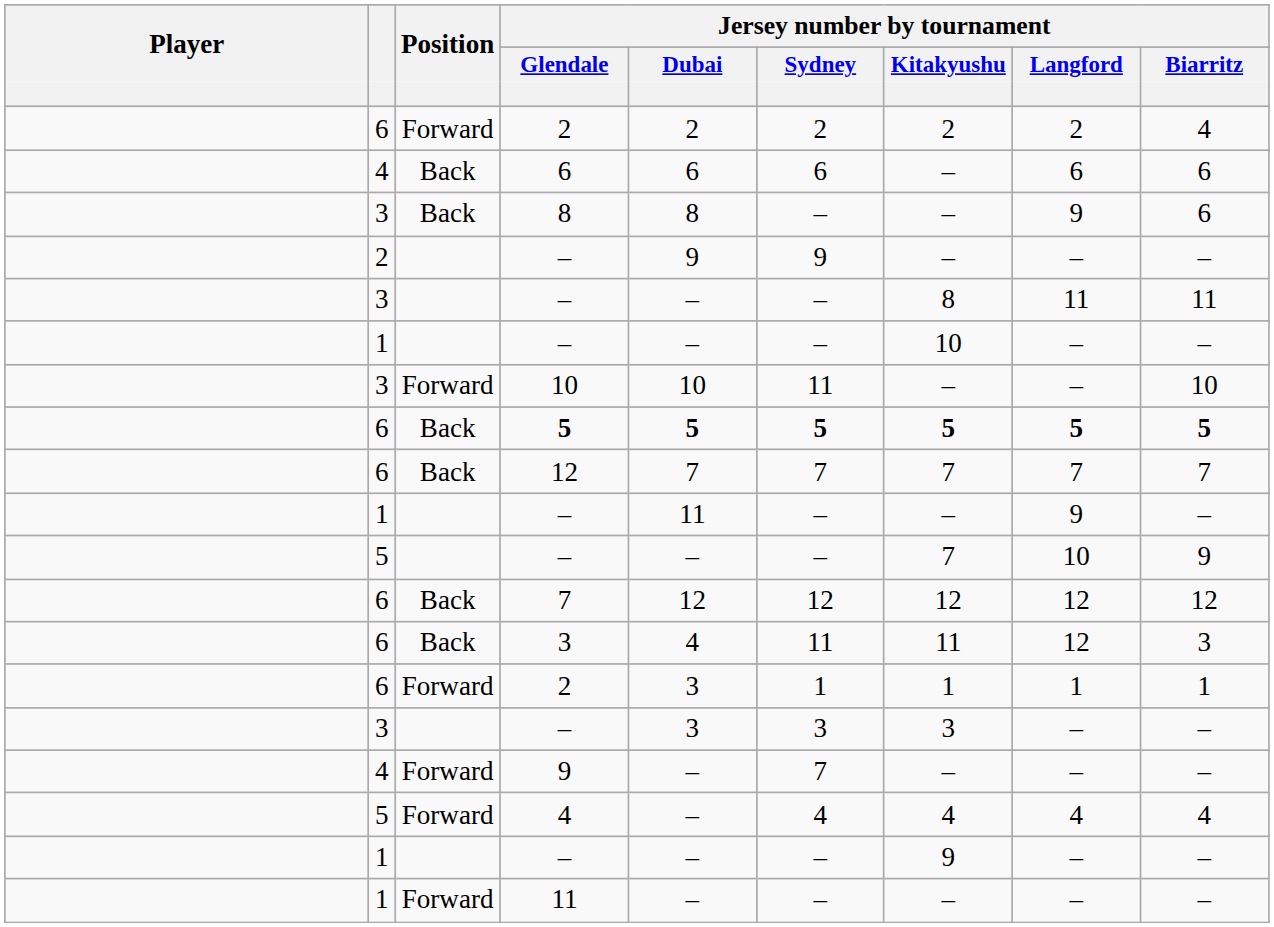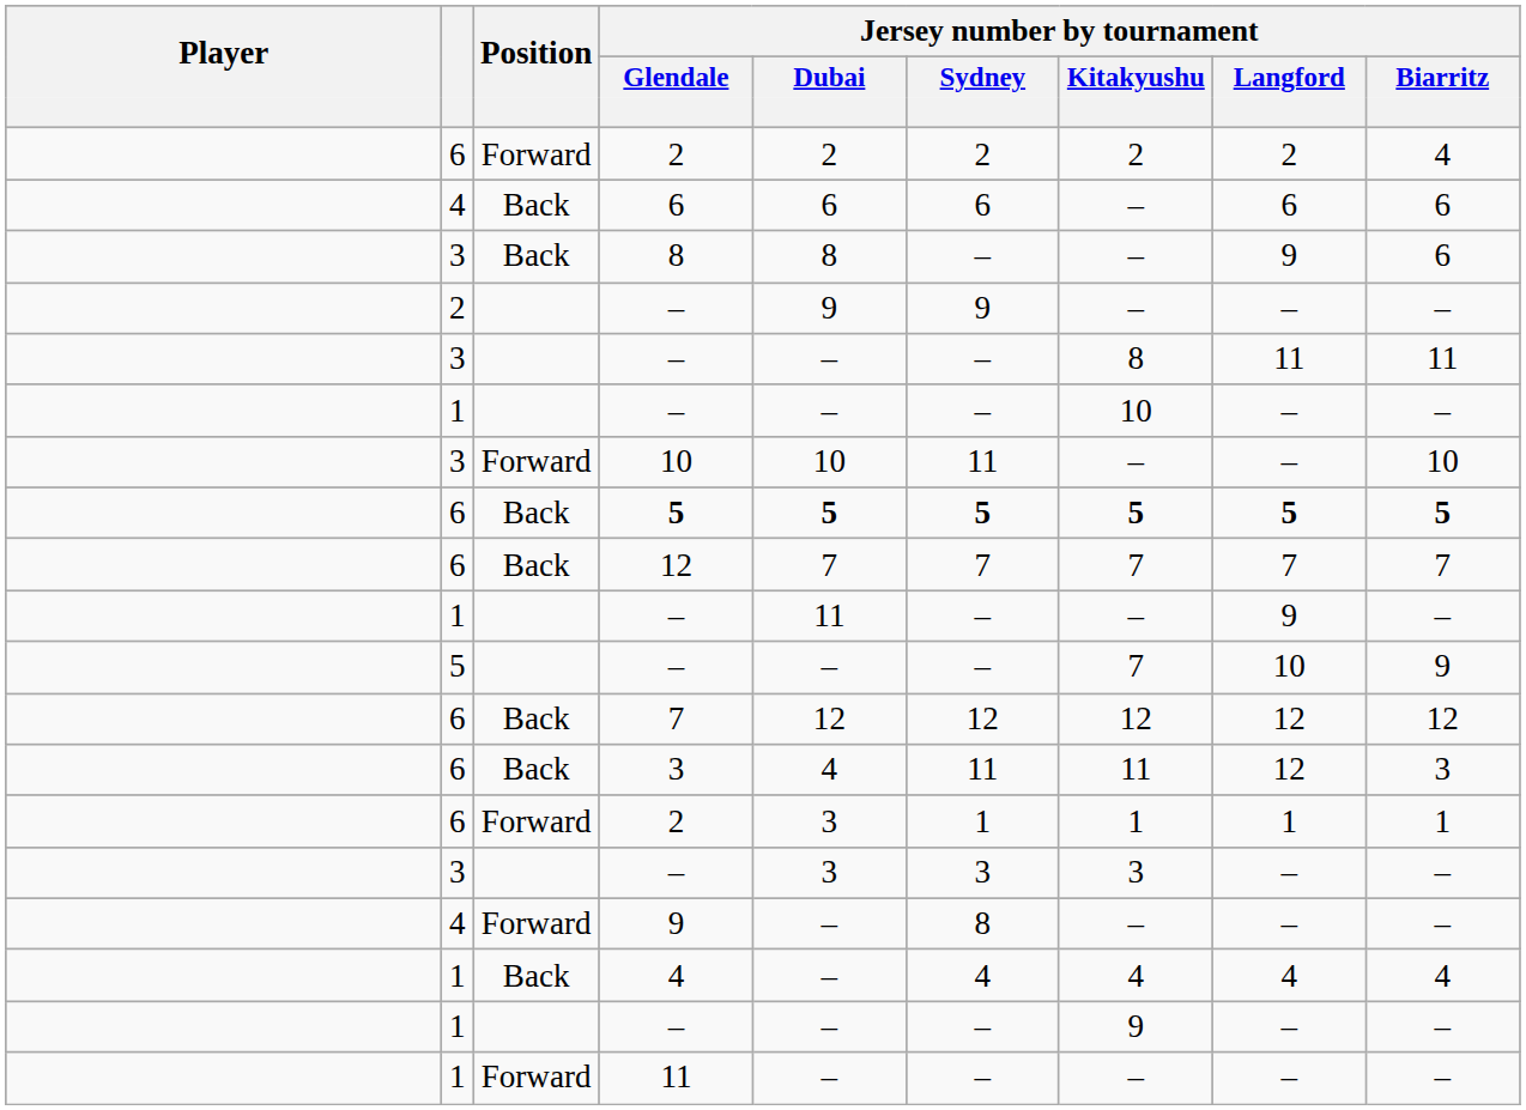 <table class="wikitable sortable" style="text-align:center;">
 <tr>
 <th rowspan=2 style="border-bottom:0px; width:13em;">Player</th>
 <th rowspan=2 style="border-bottom:0px;"></th>
 <th rowspan=2 style="border-bottom:0px;">Position</th>
 <th colspan=6 style="font-size:95%;">Jersey number by tournament</th>
 </tr>
 <tr>
 <th style="vertical-align:top; width:5.2em; border-bottom:0; padding:2px; font-size:85%;"><a href='#'>Glendale</a></th>
 <th style="vertical-align:top; width:5.2em; border-bottom:0; padding:2px; font-size:85%;"><a href='#'>Dubai</a></th>
 <th style="vertical-align:top; width:5.2em; border-bottom:0; padding:2px; font-size:85%;"><a href='#'>Sydney</a></th>
 <th style="vertical-align:top; width:5.2em; border-bottom:0; padding:2px; font-size:85%;"><a href='#'>Kitakyushu</a></th>
 <th style="vertical-align:top; width:5.2em; border-bottom:0; padding:2px; font-size:85%;"><a href='#'>Langford</a></th>
 <th style="vertical-align:top; width:5.2em; border-bottom:0; padding:2px; font-size:85%;"><a href='#'>Biarritz</a></th>
 </tr>
 <tr style="line-height:8px;">
 <th style="border-top:0;"> </th>
 <th style="border-top:0;"></th>
 <th style="border-top:0;"></th>
 <th data-sort-type="number" style="border-top:0;"></th>
 <th data-sort-type="number" style="border-top:0;"></th>
 <th data-sort-type="number" style="border-top:0;"></th>
 <th data-sort-type="number" style="border-top:0;"></th>
 <th data-sort-type="number" style="border-top:0;"></th>
 <th data-sort-type="number" style="border-top:0;"></th>
 </tr>
 <tr>
 <td align=left></td>
 <td>6</td>
 <td>Forward</td>
 <td>2</td>
 <td>2</td>
 <td>2</td>
 <td>2</td>
 <td>2</td>
 <td>4</td>
 </tr>
 <tr>
 <td align=left></td>
 <td>4</td>
 <td>Back</td>
 <td>6</td>
 <td>6</td>
 <td>6</td>
 <td>–</td>
 <td>6</td>
 <td>6</td>
 </tr>
 <tr>
 <td align=left></td>
 <td>3</td>
 <td>Back</td>
 <td>8</td>
 <td>8</td>
 <td>–</td>
 <td>–</td>
 <td>9</td>
 <td>6</td>
 </tr>
 <tr>
 <td align=left></td>
 <td>2</td>
 <td></td>
 <td>–</td>
 <td>9</td>
 <td>9</td>
 <td>–</td>
 <td>–</td>
 <td>–</td>
 </tr>
 <tr>
 <td align=left></td>
 <td>3</td>
 <td></td>
 <td>–</td>
 <td>–</td>
 <td>–</td>
 <td>8</td>
 <td>11</td>
 <td>11</td>
 </tr>
 <tr>
 <td align=left></td>
 <td>1</td>
 <td></td>
 <td>–</td>
 <td>–</td>
 <td>–</td>
 <td>10</td>
 <td>–</td>
 <td>–</td>
 </tr>
 <tr>
 <td align=left></td>
 <td>3</td>
 <td>Forward</td>
 <td>10</td>
 <td>10</td>
 <td>11</td>
 <td>–</td>
 <td>–</td>
 <td>10</td>
 </tr>
 <tr>
 <td align=left></td>
 <td>6</td>
 <td>Back</td>
 <td><strong>5</strong></td>
 <td><strong>5</strong></td>
 <td><strong>5</strong></td>
 <td><strong>5</strong></td>
 <td><strong>5</strong></td>
 <td><strong>5</strong></td>
 </tr>
 <tr>
 <td align=left></td>
 <td>6</td>
 <td>Back</td>
 <td>12</td>
 <td>7</td>
 <td>7</td>
 <td>7</td>
 <td>7</td>
 <td>7</td>
 </tr>
 <tr>
 <td align=left></td>
 <td>1</td>
 <td></td>
 <td>–</td>
 <td>11</td>
 <td>–</td>
 <td>–</td>
 <td>9</td>
 <td>–</td>
 </tr>
 <tr>
 <td align=left></td>
 <td>5</td>
 <td></td>
 <td>–</td>
 <td>–</td>
 <td>–</td>
 <td>7</td>
 <td>10</td>
 <td>9</td>
 </tr>
 <tr>
 <td align=left></td>
 <td>6</td>
 <td>Back</td>
 <td>7</td>
 <td>12</td>
 <td>12</td>
 <td>12</td>
 <td>12</td>
 <td>12</td>
 </tr>
 <tr>
 <td align=left></td>
 <td>6</td>
 <td>Back</td>
 <td>3</td>
 <td>4</td>
 <td>11</td>
 <td>11</td>
 <td>12</td>
 <td>3</td>
 </tr>
 <tr>
 <td align=left></td>
 <td>6</td>
 <td>Forward</td>
 <td>2</td>
 <td>3</td>
 <td>1</td>
 <td>1</td>
 <td>1</td>
 <td>1</td>
 </tr>
 <tr>
 <td align=left></td>
 <td>3</td>
 <td></td>
 <td>–</td>
 <td>3</td>
 <td>3</td>
 <td>3</td>
 <td>–</td>
 <td>–</td>
 </tr>
 <tr>
 <td align=left></td>
 <td>4</td>
 <td>Forward</td>
 <td>9</td>
 <td>–</td>
-<td>7</td>
+<td>8</td>
 <td>–</td>
 <td>–</td>
 <td>–</td>
 </tr>
 <tr>
 <td align=left></td>
-<td>5</td>
-<td>Forward</td>
+<td>1</td>
+<td>Back</td>
 <td>4</td>
 <td>–</td>
 <td>4</td>
 <td>4</td>
 <td>4</td>
 <td>4</td>
 </tr>
 <tr>
 <td align=left></td>
 <td>1</td>
 <td></td>
 <td>–</td>
 <td>–</td>
 <td>–</td>
 <td>9</td>
 <td>–</td>
 <td>–</td>
 </tr>
 <tr>
 <td align=left></td>
 <td>1</td>
 <td>Forward</td>
 <td>11</td>
 <td>–</td>
 <td>–</td>
 <td>–</td>
 <td>–</td>
 <td>–</td>
 </tr>
 </table>
